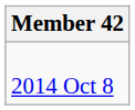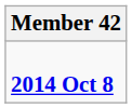 <table class=wikitable align=right>
 <tr>
 <th>Member 42</th>
 </tr>
 <tr>
-<td><br><a href='#'>2014 Oct 8</a></td>
+<td><strong><br><a href='#'>2014 Oct 8</a></strong></td>
 </tr>
 </table>
